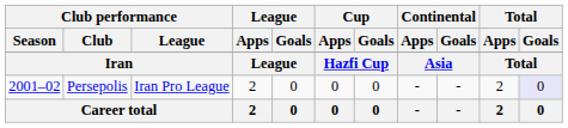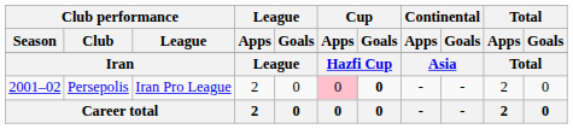 <table class="wikitable" style="text-align:center">
 <tr>
 <th colspan=3>Club performance</th>
 <th colspan=2>League</th>
 <th colspan=2>Cup</th>
 <th colspan=2>Continental</th>
 <th colspan=2>Total</th>
 </tr>
 <tr>
 <th>Season</th>
 <th>Club</th>
 <th>League</th>
 <th>Apps</th>
 <th>Goals</th>
 <th>Apps</th>
 <th>Goals</th>
 <th>Apps</th>
 <th>Goals</th>
 <th>Apps</th>
 <th>Goals</th>
 </tr>
 <tr>
 </tr>
 <tr>
 <th colspan=3>Iran</th>
 <th colspan=2>League</th>
 <th colspan=2><a href='#'>Hazfi Cup</a></th>
 <th colspan=2><a href='#'>Asia</a></th>
 <th colspan=2>Total</th>
 </tr>
 <tr>
 <td><a href='#'>2001–02</a></td>
 <td><a href='#'>Persepolis</a></td>
 <td><a href='#'>Iran Pro League</a></td>
 <td>2</td>
 <td>0</td>
-<td>0</td>
-<td>0</td>
+<td style="background: pink;">0</td>
+<td><strong>0</strong></td>
 <td>-</td>
 <td>-</td>
 <td>2</td>
-<td style="background: lavender;">0</td>
+<td>0</td>
 </tr>
 <tr>
 <th colspan=3>Career total</th>
 <th>2</th>
 <th>0</th>
 <th>0</th>
 <th>0</th>
 <th>-</th>
 <th>-</th>
 <th>2</th>
 <th>0</th>
 </tr>
 </table>
